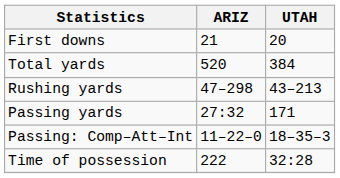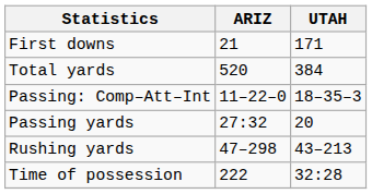 <table class="wikitable" style="float: left;">
 <tr>
 <th>Statistics</th>
 <th>ARIZ</th>
 <th>UTAH</th>
 </tr>
 <tr>
 <td>First downs</td>
 <td>21</td>
-<td>20</td>
+<td>171</td>
 </tr>
 <tr>
 <td>Total yards</td>
 <td>520</td>
 <td>384</td>
 </tr>
 <tr>
-<td>Rushing yards</td>
-<td>47–298</td>
-<td>43–213</td>
+<td>Passing: Comp–Att–Int</td>
+<td>11–22–0</td>
+<td>18–35–3</td>
 </tr>
 <tr>
 <td>Passing yards</td>
 <td>27:32</td>
-<td>171</td>
+<td>20</td>
 </tr>
 <tr>
-<td>Passing: Comp–Att–Int</td>
-<td>11–22–0</td>
-<td>18–35–3</td>
+<td>Rushing yards</td>
+<td>47–298</td>
+<td>43–213</td>
 </tr>
 <tr>
 <td>Time of possession</td>
 <td>222</td>
 <td>32:28</td>
 </tr>
 <tr>
 </tr>
 </table>
